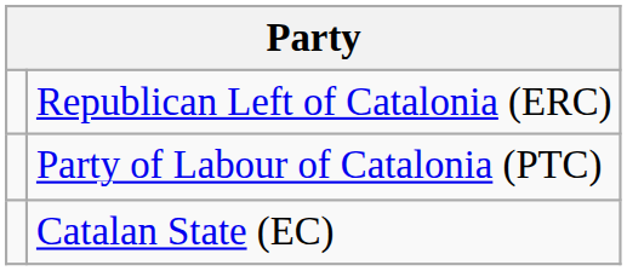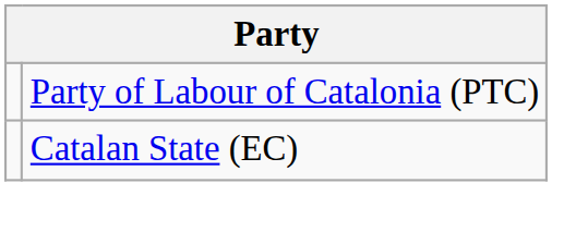 <table class="wikitable" style="text-align:left; font-size:97%;">
 <tr>
 <th colspan="2">Party</th>
-</tr>
-<tr>
-<td width="1"></td>
-<td><a href='#'>Republican Left of Catalonia</a> (ERC)</td>
 </tr>
 <tr>
 <td></td>
 <td><a href='#'>Party of Labour of Catalonia</a> (PTC)</td>
 </tr>
 <tr>
 <td></td>
 <td><a href='#'>Catalan State</a> (EC)</td>
 </tr>
 </table>
